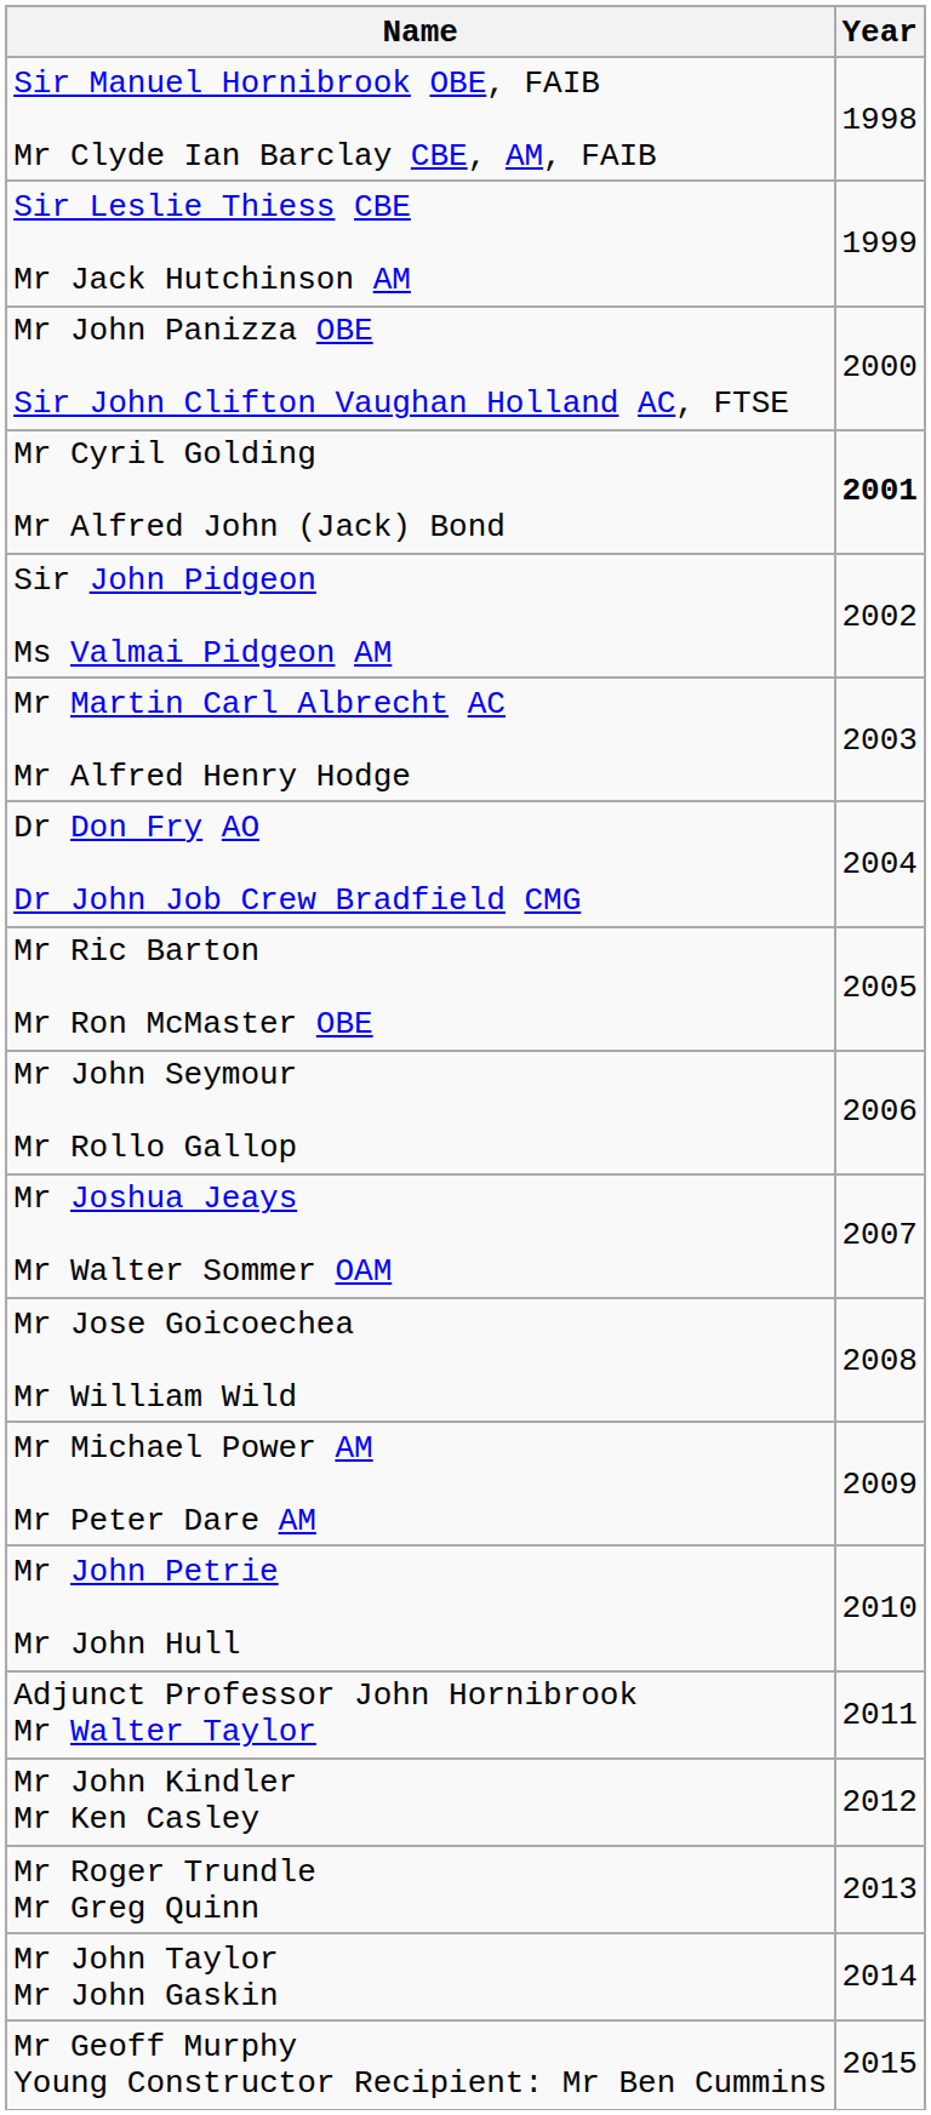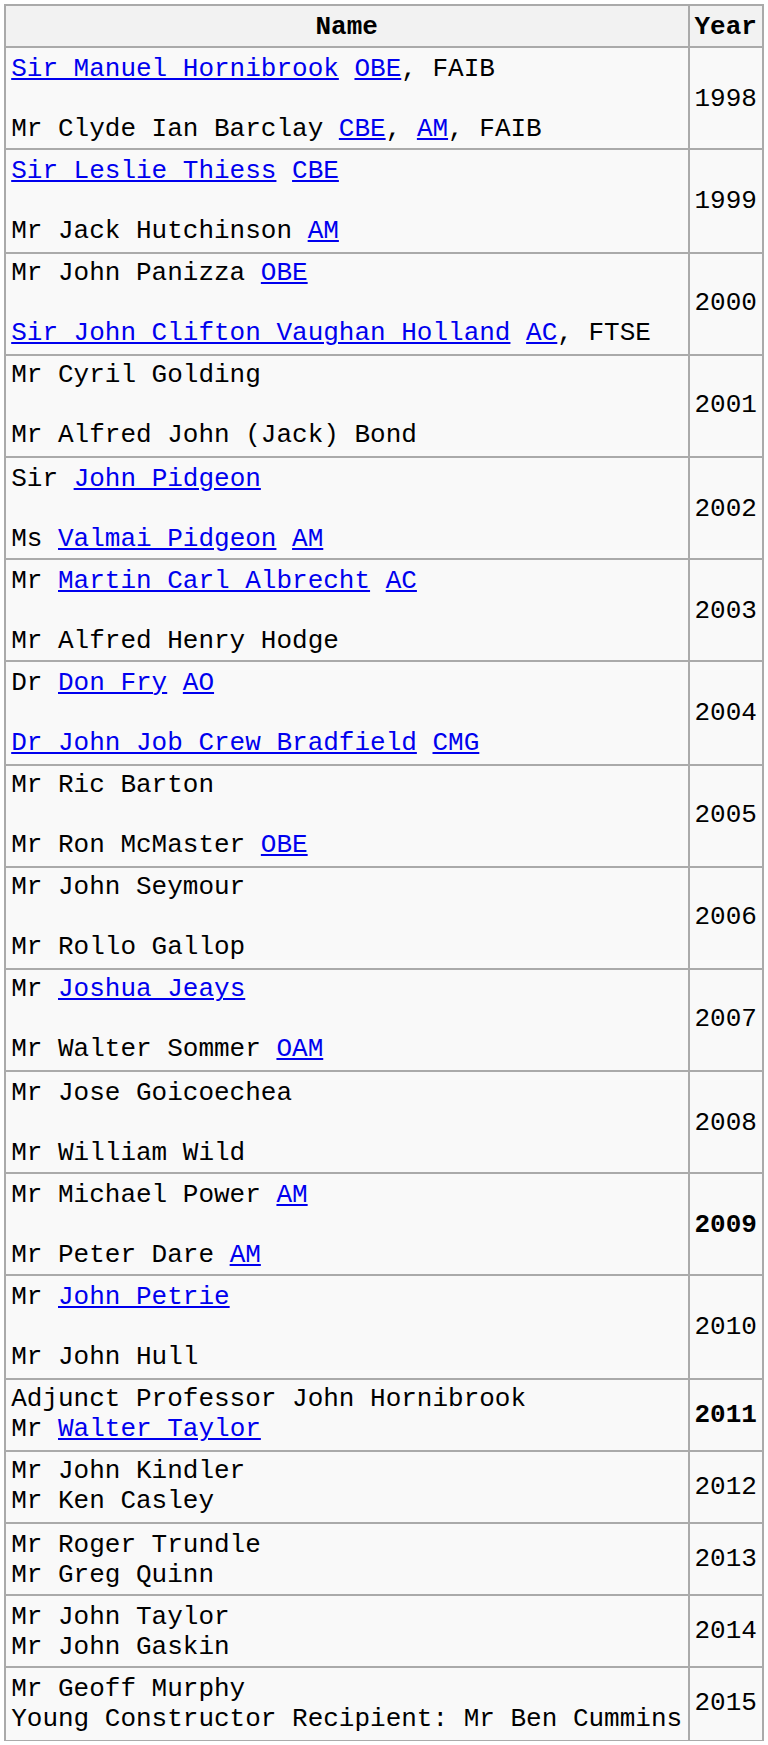 <table class="wikitable">
 <tr>
 <th>Name</th>
 <th>Year</th>
 </tr>
 <tr>
 <td><a href='#'>Sir Manuel Hornibrook</a> <a href='#'>OBE</a>, FAIB<br><br>Mr Clyde Ian Barclay <a href='#'>CBE</a>, <a href='#'>AM</a>, FAIB</td>
 <td>1998</td>
 </tr>
 <tr>
 <td><a href='#'>Sir Leslie Thiess</a> <a href='#'>CBE</a> <br><br>Mr Jack Hutchinson <a href='#'>AM</a></td>
 <td>1999</td>
 </tr>
 <tr>
 <td>Mr John Panizza <a href='#'>OBE</a> <br><br><a href='#'>Sir John Clifton Vaughan Holland</a> <a href='#'>AC</a>, FTSE</td>
 <td>2000</td>
 </tr>
 <tr>
 <td>Mr Cyril Golding <br><br>Mr Alfred John (Jack) Bond</td>
-<td><strong>2001</strong></td>
+<td>2001</td>
 </tr>
 <tr>
 <td>Sir <a href='#'>John Pidgeon</a> <br><br>Ms <a href='#'>Valmai Pidgeon</a> <a href='#'>AM</a></td>
 <td>2002</td>
 </tr>
 <tr>
 <td>Mr <a href='#'>Martin Carl Albrecht</a> <a href='#'>AC</a> <br><br>Mr Alfred Henry Hodge</td>
 <td>2003</td>
 </tr>
 <tr>
 <td>Dr <a href='#'>Don Fry</a> <a href='#'>AO</a> <br><br><a href='#'>Dr John Job Crew Bradfield</a> <a href='#'>CMG</a></td>
 <td>2004</td>
 </tr>
 <tr>
 <td>Mr Ric Barton <br><br>Mr Ron McMaster <a href='#'>OBE</a></td>
 <td>2005</td>
 </tr>
 <tr>
 <td>Mr John Seymour <br><br>Mr Rollo Gallop</td>
 <td>2006</td>
 </tr>
 <tr>
 <td>Mr <a href='#'>Joshua Jeays</a> <br><br>Mr Walter Sommer <a href='#'>OAM</a></td>
 <td>2007</td>
 </tr>
 <tr>
 <td>Mr Jose Goicoechea  <br><br>Mr William Wild</td>
 <td>2008</td>
 </tr>
 <tr>
 <td>Mr Michael Power <a href='#'>AM</a> <br><br>Mr Peter Dare <a href='#'>AM</a></td>
-<td>2009</td>
+<td><strong>2009</strong></td>
 </tr>
 <tr>
 <td>Mr <a href='#'>John Petrie</a>  <br><br>Mr John Hull</td>
 <td>2010</td>
 </tr>
 <tr>
 <td>Adjunct Professor John Hornibrook <br>Mr <a href='#'>Walter Taylor</a></td>
-<td>2011</td>
+<td><strong>2011</strong></td>
 </tr>
 <tr>
 <td>Mr John Kindler<br>Mr Ken Casley</td>
 <td>2012</td>
 </tr>
 <tr>
 <td>Mr Roger Trundle <br> Mr Greg Quinn</td>
 <td>2013</td>
 </tr>
 <tr>
 <td>Mr John Taylor <br> Mr John Gaskin</td>
 <td>2014</td>
 </tr>
 <tr>
 <td>Mr Geoff Murphy <br> Young Constructor Recipient: Mr Ben Cummins</td>
 <td>2015</td>
 </tr>
 </table>
